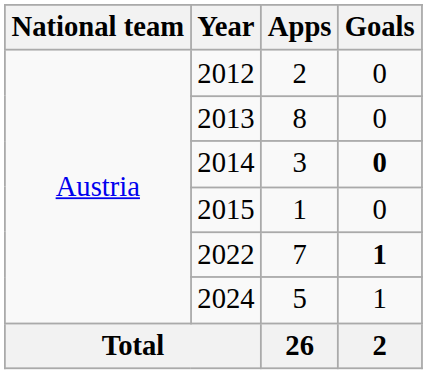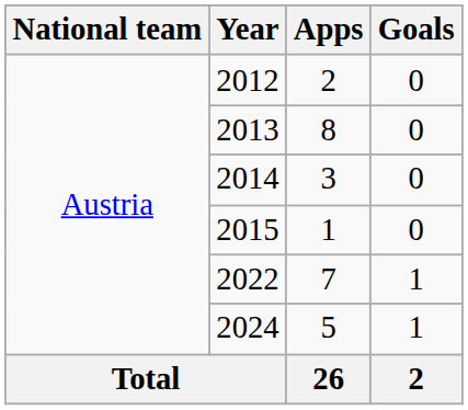 <table class=wikitable style=text-align:center>
 <tr>
 <th>National team</th>
 <th>Year</th>
 <th>Apps</th>
 <th>Goals</th>
 </tr>
 <tr>
 <td rowspan="6"><a href='#'>Austria</a></td>
 <td>2012</td>
 <td>2</td>
 <td>0</td>
 </tr>
 <tr>
 <td>2013</td>
 <td>8</td>
 <td>0</td>
 </tr>
 <tr>
 <td>2014</td>
 <td>3</td>
-<td><strong>0</strong></td>
+<td>0</td>
 </tr>
 <tr>
 <td>2015</td>
 <td>1</td>
 <td>0</td>
 </tr>
 <tr>
 <td>2022</td>
 <td>7</td>
-<td><strong>1</strong></td>
+<td>1</td>
 </tr>
 <tr>
 <td>2024</td>
 <td>5</td>
 <td>1</td>
 </tr>
 <tr>
 <th colspan="2">Total</th>
 <th>26</th>
 <th>2</th>
 </tr>
 </table>
